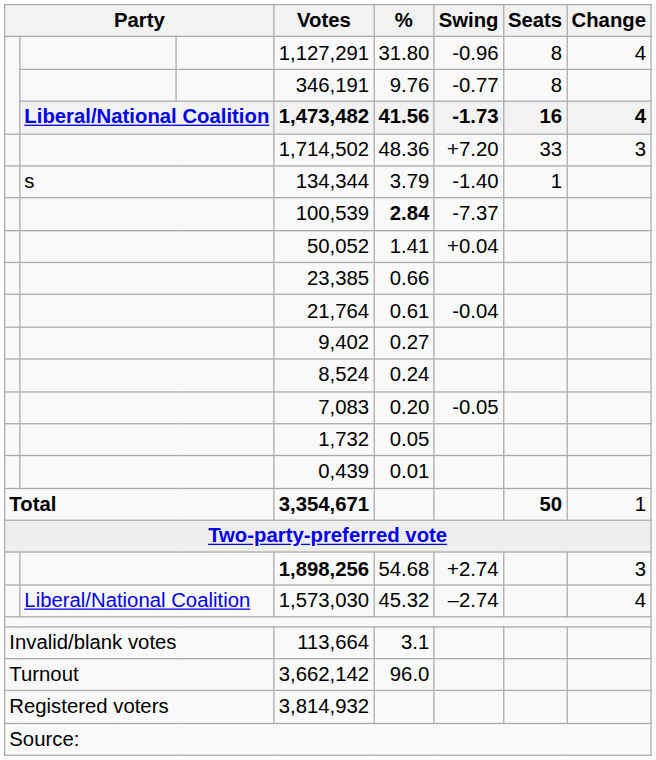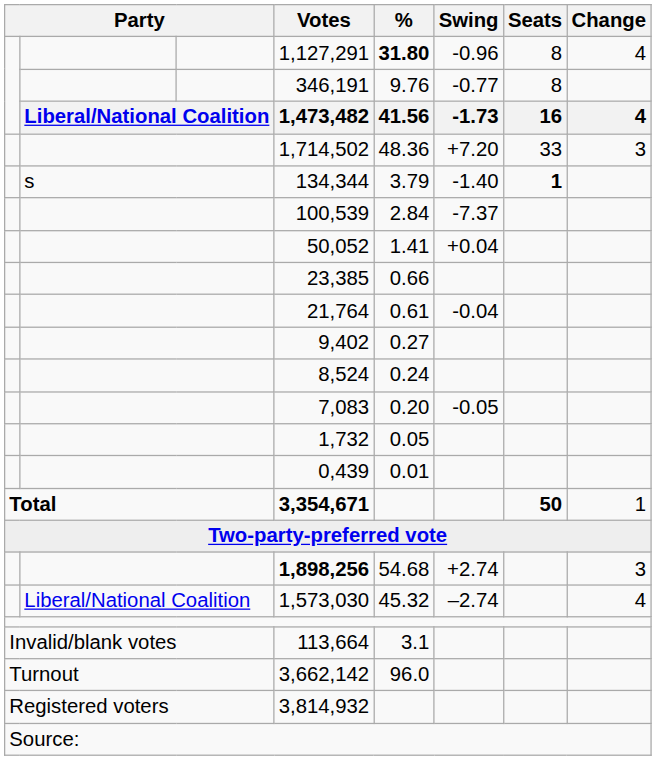 <table class="wikitable">
 <tr>
 <th colspan="3" style="width:200px"><strong>Party</strong></th>
 <th style="width:70px; text-align:center;"><strong>Votes</strong></th>
 <th style="width:40px; text-align:center;"><strong>%</strong></th>
 <th style="width:40px; text-align:center;"><strong>Swing</strong></th>
 <th style="width:40px; text-align:center;"><strong>Seats</strong></th>
 <th style="width:40px; text-align:center;"><strong>Change</strong></th>
 </tr>
 <tr>
 <td rowspan="3"> </td>
 <td> </td>
 <td></td>
 <td align=right>1,127,291</td>
-<td align=right>31.80</td>
+<td align=right><strong>31.80</strong></td>
 <td align=right>-0.96</td>
 <td align=right>8</td>
 <td align=right> 4</td>
 </tr>
 <tr>
 <td> </td>
 <td></td>
 <td align=right>346,191</td>
 <td align=right>9.76</td>
 <td align=right>-0.77</td>
 <td align=right>8</td>
 <td align=right></td>
 </tr>
 <tr>
 <th colspan="2" style="text-align:left;"><a href='#'>Liberal/National Coalition</a></th>
 <th style="text-align:right;">1,473,482</th>
 <th style="text-align:right;">41.56</th>
 <th style="text-align:right;">-1.73</th>
 <th style="text-align:right;">16</th>
 <th style="text-align:right;"> 4</th>
 </tr>
 <tr>
 <td> </td>
 <td colspan=2></td>
 <td align=right>1,714,502</td>
 <td align=right>48.36</td>
 <td align=right>+7.20</td>
 <td align=right>33</td>
 <td align=right> 3</td>
 </tr>
 <tr>
 <td> </td>
 <td colspan=2>s</td>
 <td align=right>134,344</td>
 <td align=right>3.79</td>
 <td align=right>-1.40</td>
-<td align=right>1</td>
+<td align=right><strong>1</strong></td>
 <td align=right></td>
 </tr>
 <tr>
 <td> </td>
 <td colspan=2></td>
 <td align=right>100,539</td>
-<td align=right><strong>2.84</strong></td>
+<td align=right>2.84</td>
 <td align=right>-7.37</td>
 <td align=right></td>
 <td align=right></td>
 </tr>
 <tr>
 <td> </td>
 <td colspan=2></td>
 <td align=right>50,052</td>
 <td align=right>1.41</td>
 <td align=right>+0.04</td>
 <td align=right></td>
 <td align=right></td>
 </tr>
 <tr>
 <td> </td>
 <td colspan=2></td>
 <td align=right>23,385</td>
 <td align=right>0.66</td>
 <td align=right></td>
 <td align=right></td>
 <td align=right></td>
 </tr>
 <tr>
 <td> </td>
 <td colspan=2></td>
 <td align=right>21,764</td>
 <td align=right>0.61</td>
 <td align=right>-0.04</td>
 <td align=right></td>
 <td align=right></td>
 </tr>
 <tr>
 <td> </td>
 <td colspan=2></td>
 <td align=right>9,402</td>
 <td align=right>0.27</td>
 <td align=right></td>
 <td align=right></td>
 <td align=right></td>
 </tr>
 <tr>
 <td> </td>
 <td colspan=2></td>
 <td align=right>8,524</td>
 <td align=right>0.24</td>
 <td align=right></td>
 <td align=right></td>
 <td align=right></td>
 </tr>
 <tr>
 <td> </td>
 <td colspan=2></td>
 <td align=right>7,083</td>
 <td align=right>0.20</td>
 <td align=right>-0.05</td>
 <td align=right></td>
 <td align=right></td>
 </tr>
 <tr>
 <td> </td>
 <td colspan=2></td>
 <td align=right>1,732</td>
 <td align=right>0.05</td>
 <td align=right></td>
 <td align=right></td>
 <td align=right></td>
 </tr>
 <tr>
 <td> </td>
 <td colspan=2></td>
 <td align=right>0,439</td>
 <td align=right>0.01</td>
 <td align=right></td>
 <td align=right></td>
 <td align=right></td>
 </tr>
 <tr>
 <td colspan="3" align="left"><strong>Total</strong></td>
 <td align=right><strong>3,354,671</strong></td>
 <td align=right></td>
 <td align=right></td>
 <td align=right><strong>50</strong></td>
 <td align=right> 1</td>
 </tr>
 <tr>
 <td colspan="8" style="text-align:center; background:#eee;"><strong><a href='#'>Two-party-preferred vote</a></strong></td>
 </tr>
 <tr>
 <td> </td>
 <td colspan=2></td>
 <td align=right><strong>1,898,256</strong></td>
 <td align=right>54.68</td>
 <td align=right>+2.74</td>
 <td align=right></td>
 <td align=right> 3</td>
 </tr>
 <tr>
 <td> </td>
 <td colspan=2><a href='#'>Liberal/National Coalition</a></td>
 <td align=right>1,573,030</td>
 <td align=right>45.32</td>
 <td align=right>–2.74</td>
 <td align=right></td>
 <td align=right> 4</td>
 </tr>
 <tr>
 <td colspan="8"></td>
 </tr>
 <tr>
 <td colspan="3" style="text-align:left;">Invalid/blank votes</td>
 <td align="right">113,664</td>
 <td align="right">3.1</td>
 <td align="right"></td>
 <td></td>
 <td></td>
 </tr>
 <tr>
 <td colspan="3" style="text-align:left;">Turnout</td>
 <td align="right">3,662,142</td>
 <td align="right">96.0</td>
 <td align="right"></td>
 <td></td>
 <td></td>
 </tr>
 <tr>
 <td colspan="3" style="text-align:left;">Registered voters</td>
 <td align="right">3,814,932</td>
 <td></td>
 <td></td>
 <td></td>
 <td></td>
 </tr>
 <tr>
 <td colspan="8" align="left">Source: </td>
 </tr>
 </table>
